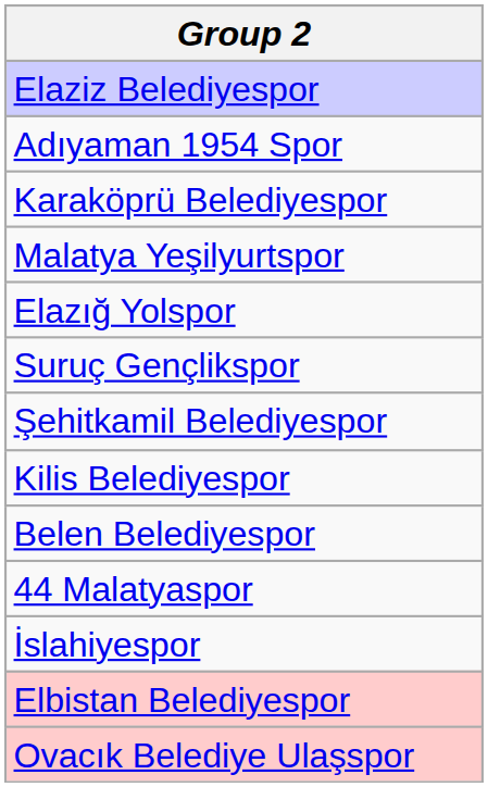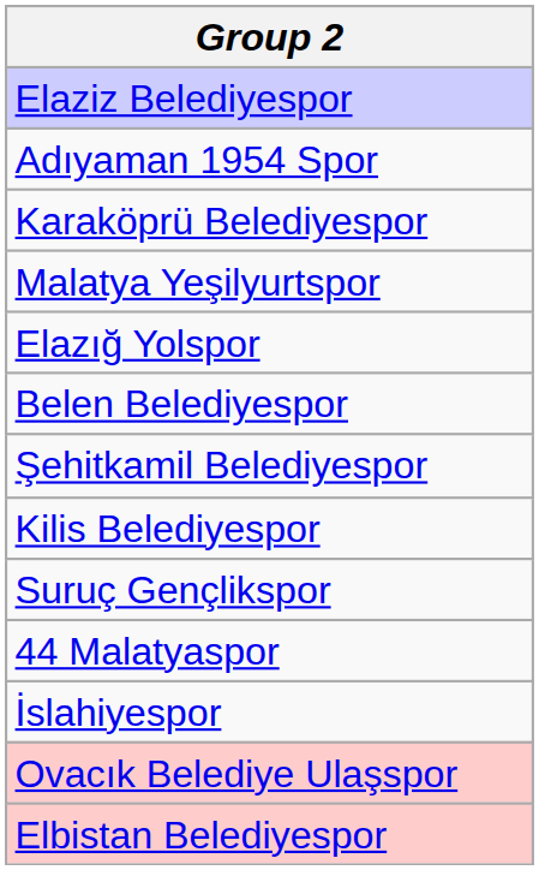 <table class="wikitable collapsible collapsed" style="font-size:95%;">
 <tr>
 <th colspan="1" width="200"><em>Group 2</em></th>
 </tr>
 <tr>
 <td style="background:#ccccff;"><a href='#'>Elaziz Belediyespor</a></td>
 </tr>
 <tr>
 <td><a href='#'>Adıyaman 1954 Spor</a></td>
 </tr>
 <tr>
 <td><a href='#'>Karaköprü Belediyespor</a></td>
 </tr>
 <tr>
 <td><a href='#'>Malatya Yeşilyurtspor</a></td>
 </tr>
 <tr>
 <td><a href='#'>Elazığ Yolspor</a></td>
 </tr>
 <tr>
-<td><a href='#'>Suruç Gençlikspor</a></td>
+<td><a href='#'>Belen Belediyespor</a></td>
 </tr>
 <tr>
 <td><a href='#'>Şehitkamil Belediyespor</a></td>
 </tr>
 <tr>
 <td><a href='#'>Kilis Belediyespor</a></td>
 </tr>
 <tr>
-<td><a href='#'>Belen Belediyespor</a></td>
+<td><a href='#'>Suruç Gençlikspor</a></td>
 </tr>
 <tr>
 <td><a href='#'>44 Malatyaspor</a></td>
 </tr>
 <tr>
 <td><a href='#'>İslahiyespor</a></td>
 </tr>
 <tr>
+<td style="background:#fcc;"><a href='#'>Ovacık Belediye Ulaşspor</a></td>
+</tr>
+<tr>
 <td style="background:#fcc;"><a href='#'>Elbistan Belediyespor</a></td>
 </tr>
-<tr>
-<td style="background:#fcc;"><a href='#'>Ovacık Belediye Ulaşspor</a></td>
-</tr>
 </table>
